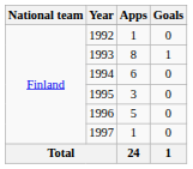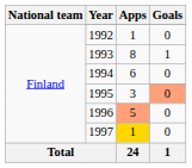 <table class="wikitable" style="text-align:center">
 <tr>
 <th>National team</th>
 <th>Year</th>
 <th>Apps</th>
 <th>Goals</th>
 </tr>
 <tr>
 <td rowspan="7"><a href='#'>Finland</a></td>
 </tr>
 <tr>
 <td>1992</td>
 <td>1</td>
 <td>0</td>
 </tr>
 <tr>
 <td>1993</td>
 <td>8</td>
 <td>1</td>
 </tr>
 <tr>
 <td>1994</td>
 <td>6</td>
 <td>0</td>
 </tr>
 <tr>
 <td>1995</td>
 <td>3</td>
-<td>0</td>
+<td style="background: lightsalmon;">0</td>
 </tr>
 <tr>
 <td>1996</td>
-<td>5</td>
+<td style="background: lightsalmon;">5</td>
 <td>0</td>
 </tr>
 <tr>
 <td>1997</td>
-<td>1</td>
+<td style="background: gold;">1</td>
 <td>0</td>
 </tr>
 <tr>
 <th colspan="2">Total</th>
 <th>24</th>
 <th>1</th>
 </tr>
 </table>
